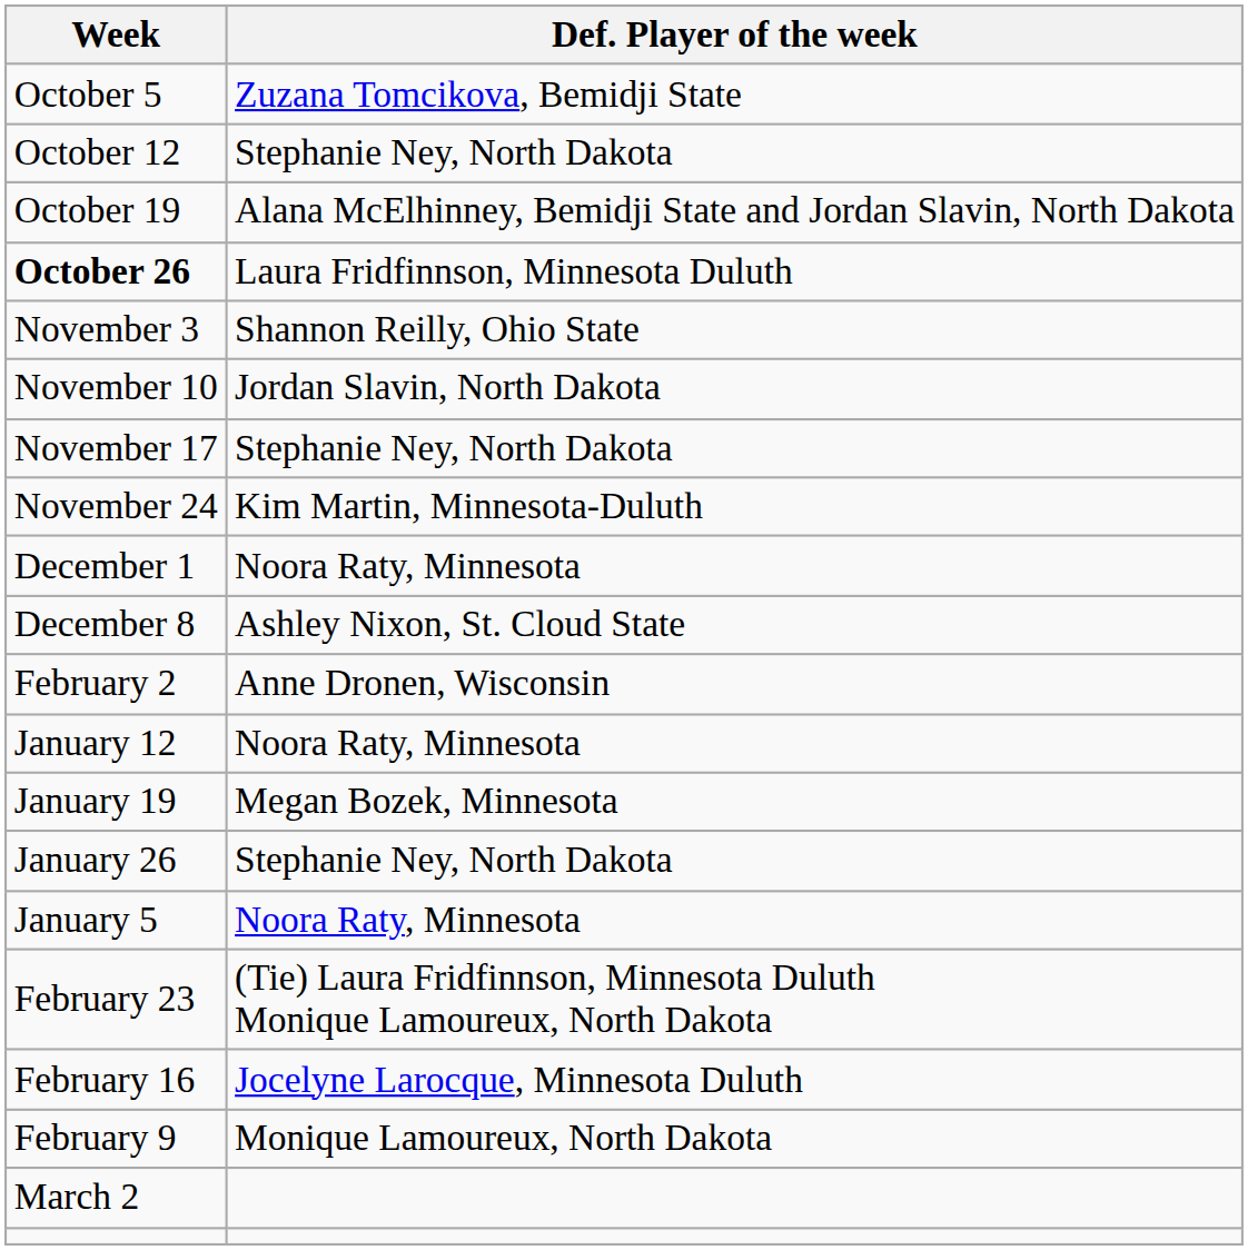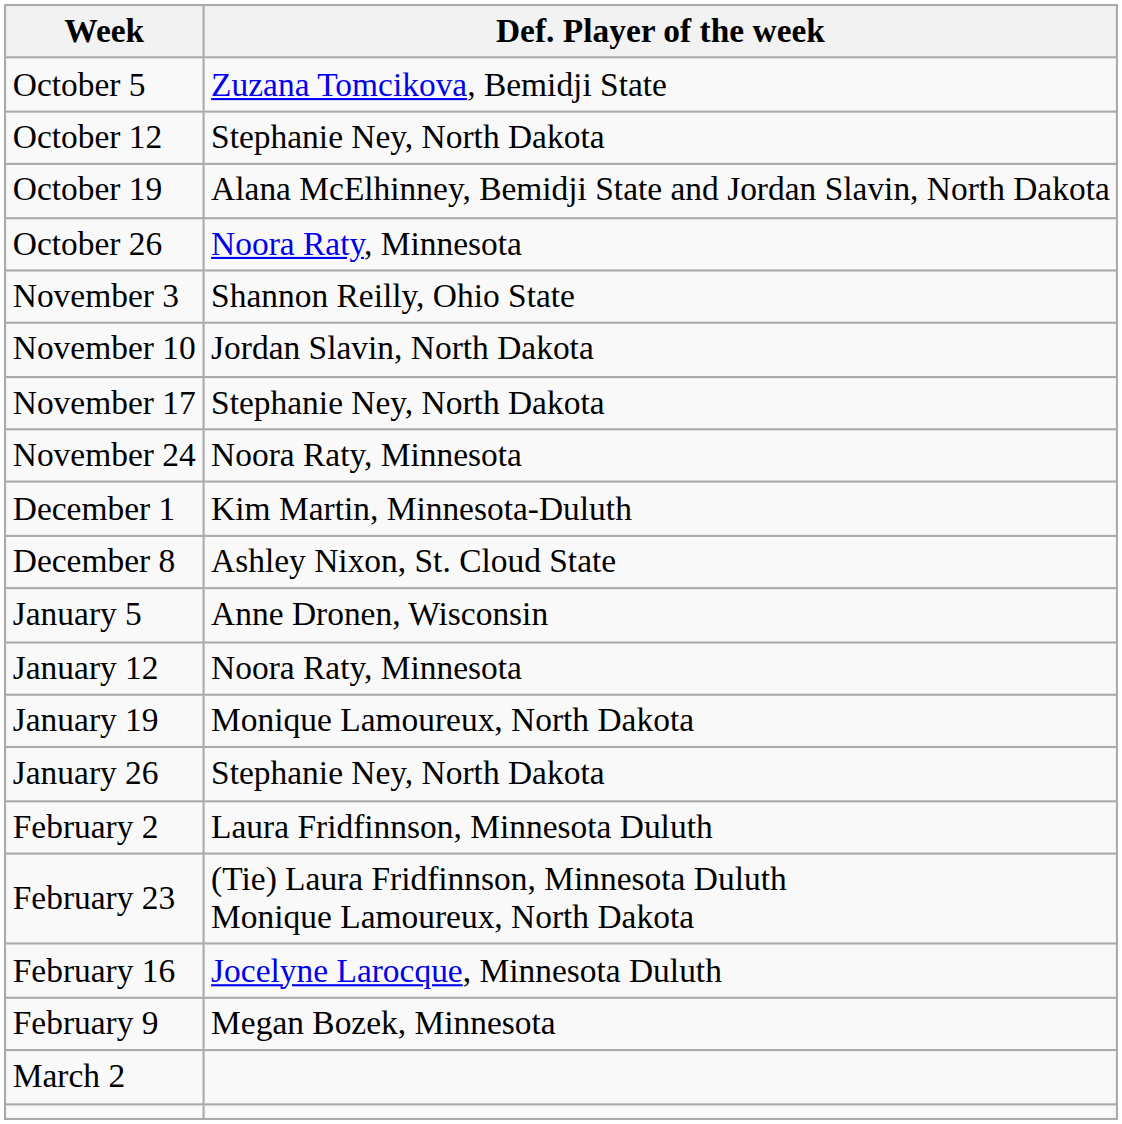 <table class="wikitable" border="1">
 <tr>
 <th>Week</th>
 <th>Def. Player of the week</th>
 </tr>
 <tr>
 <td>October 5</td>
 <td><a href='#'>Zuzana Tomcikova</a>, Bemidji State</td>
 </tr>
 <tr>
 <td>October 12</td>
 <td>Stephanie Ney, North Dakota</td>
 </tr>
 <tr>
 <td>October 19</td>
 <td>Alana McElhinney, Bemidji State and Jordan Slavin, North Dakota</td>
 </tr>
 <tr>
-<td><strong>October 26</strong></td>
-<td>Laura Fridfinnson, Minnesota Duluth</td>
+<td>October 26</td>
+<td><a href='#'>Noora Raty</a>, Minnesota</td>
 </tr>
 <tr>
 <td>November 3</td>
 <td>Shannon Reilly, Ohio State</td>
 </tr>
 <tr>
 <td>November 10</td>
 <td>Jordan Slavin, North Dakota</td>
 </tr>
 <tr>
 <td>November 17</td>
 <td>Stephanie Ney, North Dakota</td>
 </tr>
 <tr>
 <td>November 24</td>
-<td>Kim Martin, Minnesota-Duluth</td>
+<td>Noora Raty, Minnesota</td>
 </tr>
 <tr>
 <td>December 1</td>
-<td>Noora Raty, Minnesota</td>
+<td>Kim Martin, Minnesota-Duluth</td>
 </tr>
 <tr>
 <td>December 8</td>
 <td>Ashley Nixon, St. Cloud State</td>
 </tr>
 <tr>
-<td>February 2</td>
+<td>January 5</td>
 <td>Anne Dronen, Wisconsin</td>
 </tr>
 <tr>
 <td>January 12</td>
 <td>Noora Raty, Minnesota</td>
 </tr>
 <tr>
 <td>January 19</td>
-<td>Megan Bozek, Minnesota</td>
+<td>Monique Lamoureux, North Dakota</td>
 </tr>
 <tr>
 <td>January 26</td>
 <td>Stephanie Ney, North Dakota</td>
 </tr>
 <tr>
-<td>January 5</td>
-<td><a href='#'>Noora Raty</a>, Minnesota</td>
+<td>February 2</td>
+<td>Laura Fridfinnson, Minnesota Duluth</td>
 </tr>
 <tr>
 <td>February 23</td>
 <td>(Tie) Laura Fridfinnson, Minnesota Duluth<br>Monique Lamoureux, North Dakota</td>
 </tr>
 <tr>
 <td>February 16</td>
 <td><a href='#'>Jocelyne Larocque</a>, Minnesota Duluth</td>
 </tr>
 <tr>
 <td>February 9</td>
-<td>Monique Lamoureux, North Dakota</td>
+<td>Megan Bozek, Minnesota</td>
 </tr>
 <tr>
 <td>March 2</td>
 <td></td>
 </tr>
 <tr>
 <td></td>
 <td></td>
 </tr>
 <tr>
 </tr>
 </table>
